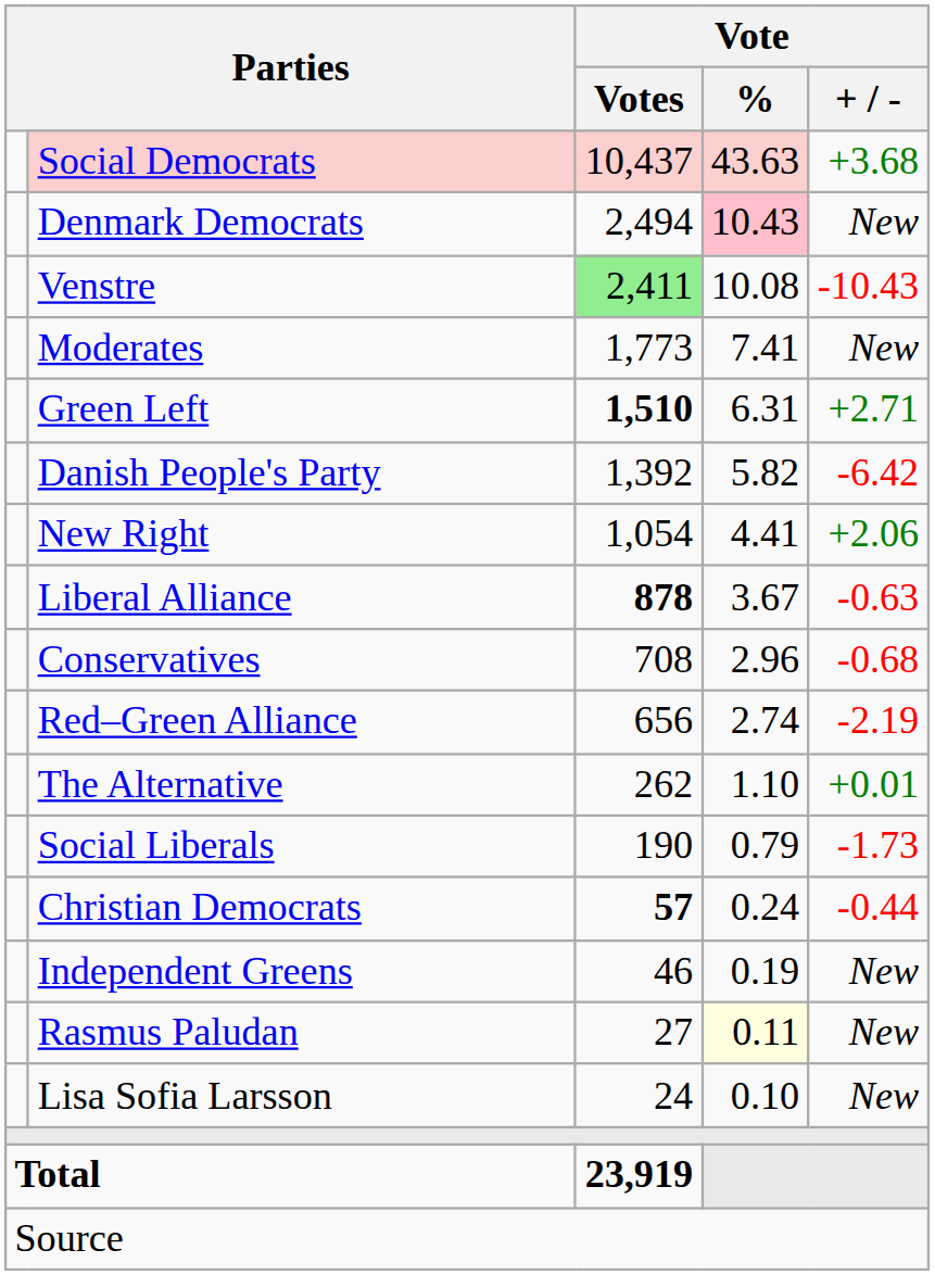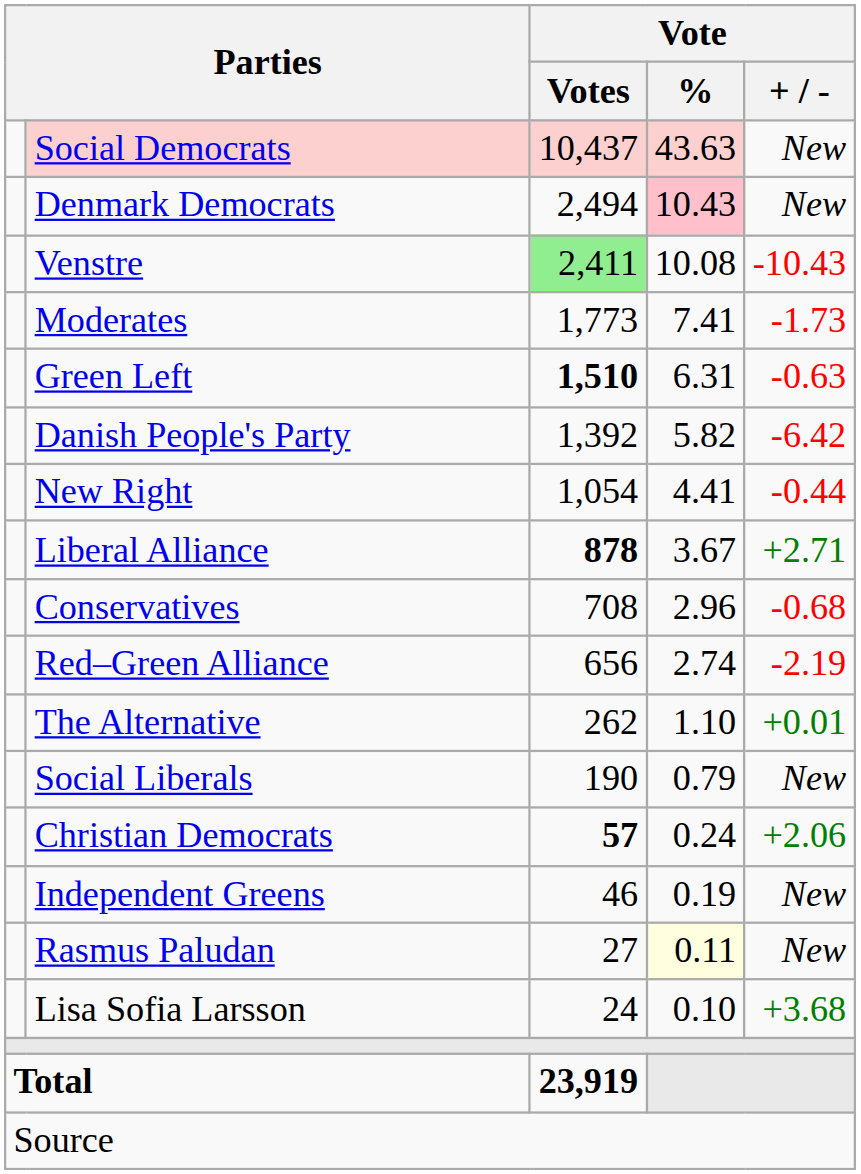 <table class="wikitable" style="text-align:right;">
 <tr>
 <th style="text-align:centre;" rowspan="2" colspan="2" width="225">Parties</th>
 <th colspan="3">Vote</th>
 </tr>
 <tr>
 <th width="15">Votes</th>
 <th width="15">%</th>
 <th width="15">+ / -</th>
 </tr>
 <tr>
 <td width="2" style="color:inherit;background:"></td>
 <td bgcolor=#fbd0ce  align="left"><a href='#'>Social Democrats</a></td>
 <td bgcolor=#fbd0ce>10,437</td>
 <td bgcolor=#fbd0ce>43.63</td>
-<td style=color:green;>+3.68</td>
+<td><em>New</em></td>
 </tr>
 <tr>
 <td width="2" style="color:inherit;background:"></td>
 <td align="left"><a href='#'>Denmark Democrats</a></td>
 <td>2,494</td>
 <td style="background: pink;">10.43</td>
 <td><em>New</em></td>
 </tr>
 <tr>
 <td width="2" style="color:inherit;background:"></td>
 <td align="left"><a href='#'>Venstre</a></td>
 <td style="background: lightgreen;">2,411</td>
 <td>10.08</td>
 <td style=color:red;>-10.43</td>
 </tr>
 <tr>
 <td width="2" style="color:inherit;background:"></td>
 <td align="left"><a href='#'>Moderates</a></td>
 <td>1,773</td>
 <td>7.41</td>
-<td><em>New</em></td>
+<td style=color:red;>-1.73</td>
 </tr>
 <tr>
 <td width="2" style="color:inherit;background:"></td>
 <td align="left"><a href='#'>Green Left</a></td>
 <td><strong>1,510</strong></td>
 <td>6.31</td>
-<td style=color:green;>+2.71</td>
+<td style=color:red;>-0.63</td>
 </tr>
 <tr>
 <td width="2" style="color:inherit;background:"></td>
 <td align="left"><a href='#'>Danish People's Party</a></td>
 <td>1,392</td>
 <td>5.82</td>
 <td style=color:red;>-6.42</td>
 </tr>
 <tr>
 <td width="2" style="color:inherit;background:"></td>
 <td align="left"><a href='#'>New Right</a></td>
 <td>1,054</td>
 <td>4.41</td>
-<td style=color:green;>+2.06</td>
+<td style=color:red;>-0.44</td>
 </tr>
 <tr>
 <td width="2" style="color:inherit;background:"></td>
 <td align="left"><a href='#'>Liberal Alliance</a></td>
 <td><strong>878</strong></td>
 <td>3.67</td>
-<td style=color:red;>-0.63</td>
+<td style=color:green;>+2.71</td>
 </tr>
 <tr>
 <td width="2" style="color:inherit;background:"></td>
 <td align="left"><a href='#'>Conservatives</a></td>
 <td>708</td>
 <td>2.96</td>
 <td style=color:red;>-0.68</td>
 </tr>
 <tr>
 <td width="2" style="color:inherit;background:"></td>
 <td align="left"><a href='#'>Red–Green Alliance</a></td>
 <td>656</td>
 <td>2.74</td>
 <td style=color:red;>-2.19</td>
 </tr>
 <tr>
 <td width="2" style="color:inherit;background:"></td>
 <td align="left"><a href='#'>The Alternative</a></td>
 <td>262</td>
 <td>1.10</td>
 <td style=color:green;>+0.01</td>
 </tr>
 <tr>
 <td width="2" style="color:inherit;background:"></td>
 <td align="left"><a href='#'>Social Liberals</a></td>
 <td>190</td>
 <td>0.79</td>
-<td style=color:red;>-1.73</td>
+<td><em>New</em></td>
 </tr>
 <tr>
 <td width="2" style="color:inherit;background:"></td>
 <td align="left"><a href='#'>Christian Democrats</a></td>
 <td><strong>57</strong></td>
 <td>0.24</td>
-<td style=color:red;>-0.44</td>
+<td style=color:green;>+2.06</td>
 </tr>
 <tr>
 <td width="2" style="color:inherit;background:"></td>
 <td align="left"><a href='#'>Independent Greens</a></td>
 <td>46</td>
 <td>0.19</td>
 <td><em>New</em></td>
 </tr>
 <tr>
 <td width="2" style="color:inherit;background:"></td>
 <td align="left"><a href='#'>Rasmus Paludan</a></td>
 <td>27</td>
 <td style="background: lightyellow;">0.11</td>
 <td><em>New</em></td>
 </tr>
 <tr>
 <td width="2" style="color:inherit;background:"></td>
 <td align="left">Lisa Sofia Larsson</td>
 <td>24</td>
 <td>0.10</td>
-<td><em>New</em></td>
+<td style=color:green;>+3.68</td>
 </tr>
 <tr>
 <td colspan="7" bgcolor="#E9E9E9"></td>
 </tr>
 <tr>
 <td align="left" colspan="2"><strong>Total</strong></td>
 <td><strong>23,919</strong></td>
 <td bgcolor="#E9E9E9" colspan="2"></td>
 </tr>
 <tr>
 <td align="left" colspan="6">Source</td>
 </tr>
 </table>
